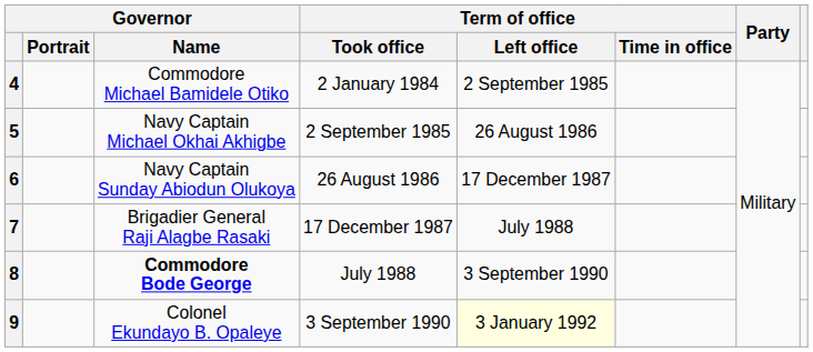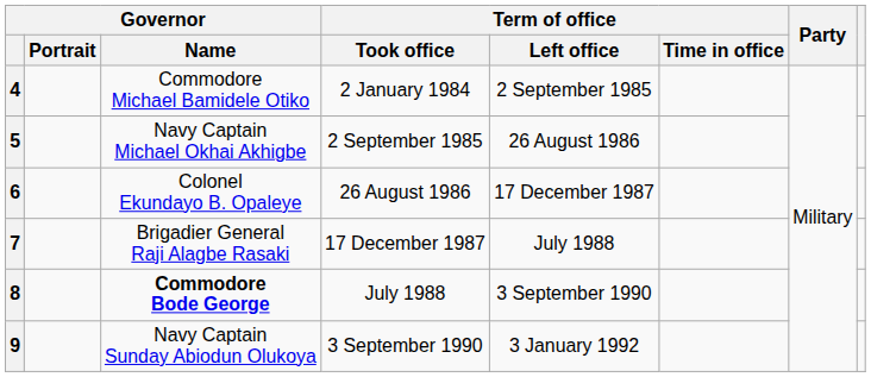 <table class="wikitable" style="text-align:center">
 <tr>
 <th colspan=3>Governor</th>
 <th colspan=3>Term of office</th>
 <th rowspan=2>Party</th>
 <th rowspan=2></th>
 </tr>
 <tr>
 <th></th>
 <th>Portrait</th>
 <th>Name<br></th>
 <th>Took office</th>
 <th>Left office</th>
 <th>Time in office</th>
 </tr>
 <tr>
 <th style="background:">4</th>
 <td></td>
 <td>Commodore<br><a href='#'>Michael Bamidele Otiko</a><br></td>
 <td>2 January 1984</td>
 <td>2 September 1985</td>
 <td></td>
 <td rowspan="6">Military</td>
 <td></td>
 </tr>
 <tr>
 <th style="background:">5</th>
 <td></td>
 <td>Navy Captain<br><a href='#'>Michael Okhai Akhigbe</a><br></td>
 <td>2 September 1985</td>
 <td>26 August 1986</td>
 <td></td>
 <td></td>
 </tr>
 <tr>
 <th style="background:">6</th>
 <td></td>
-<td>Navy Captain<br><a href='#'>Sunday Abiodun Olukoya</a><br></td>
+<td>Colonel<br><a href='#'>Ekundayo B. Opaleye</a><br></td>
 <td>26 August 1986</td>
 <td>17 December 1987</td>
 <td></td>
 <td></td>
 </tr>
 <tr>
 <th style="background:">7</th>
 <td></td>
 <td>Brigadier General<br><a href='#'>Raji Alagbe Rasaki</a><br></td>
 <td>17 December 1987</td>
 <td>July 1988</td>
 <td></td>
 <td></td>
 </tr>
 <tr>
 <th style="background:">8</th>
 <td></td>
 <td><strong>Commodore<br><a href='#'>Bode George</a><br></strong></td>
 <td>July 1988</td>
 <td>3 September 1990</td>
 <td></td>
 <td></td>
 </tr>
 <tr>
 <th style="background:">9</th>
 <td></td>
-<td>Colonel<br><a href='#'>Ekundayo B. Opaleye</a><br></td>
+<td>Navy Captain<br><a href='#'>Sunday Abiodun Olukoya</a><br></td>
 <td>3 September 1990</td>
-<td style="background: lightyellow;">3 January 1992</td>
+<td>3 January 1992</td>
 <td></td>
 <td></td>
 </tr>
 </table>
